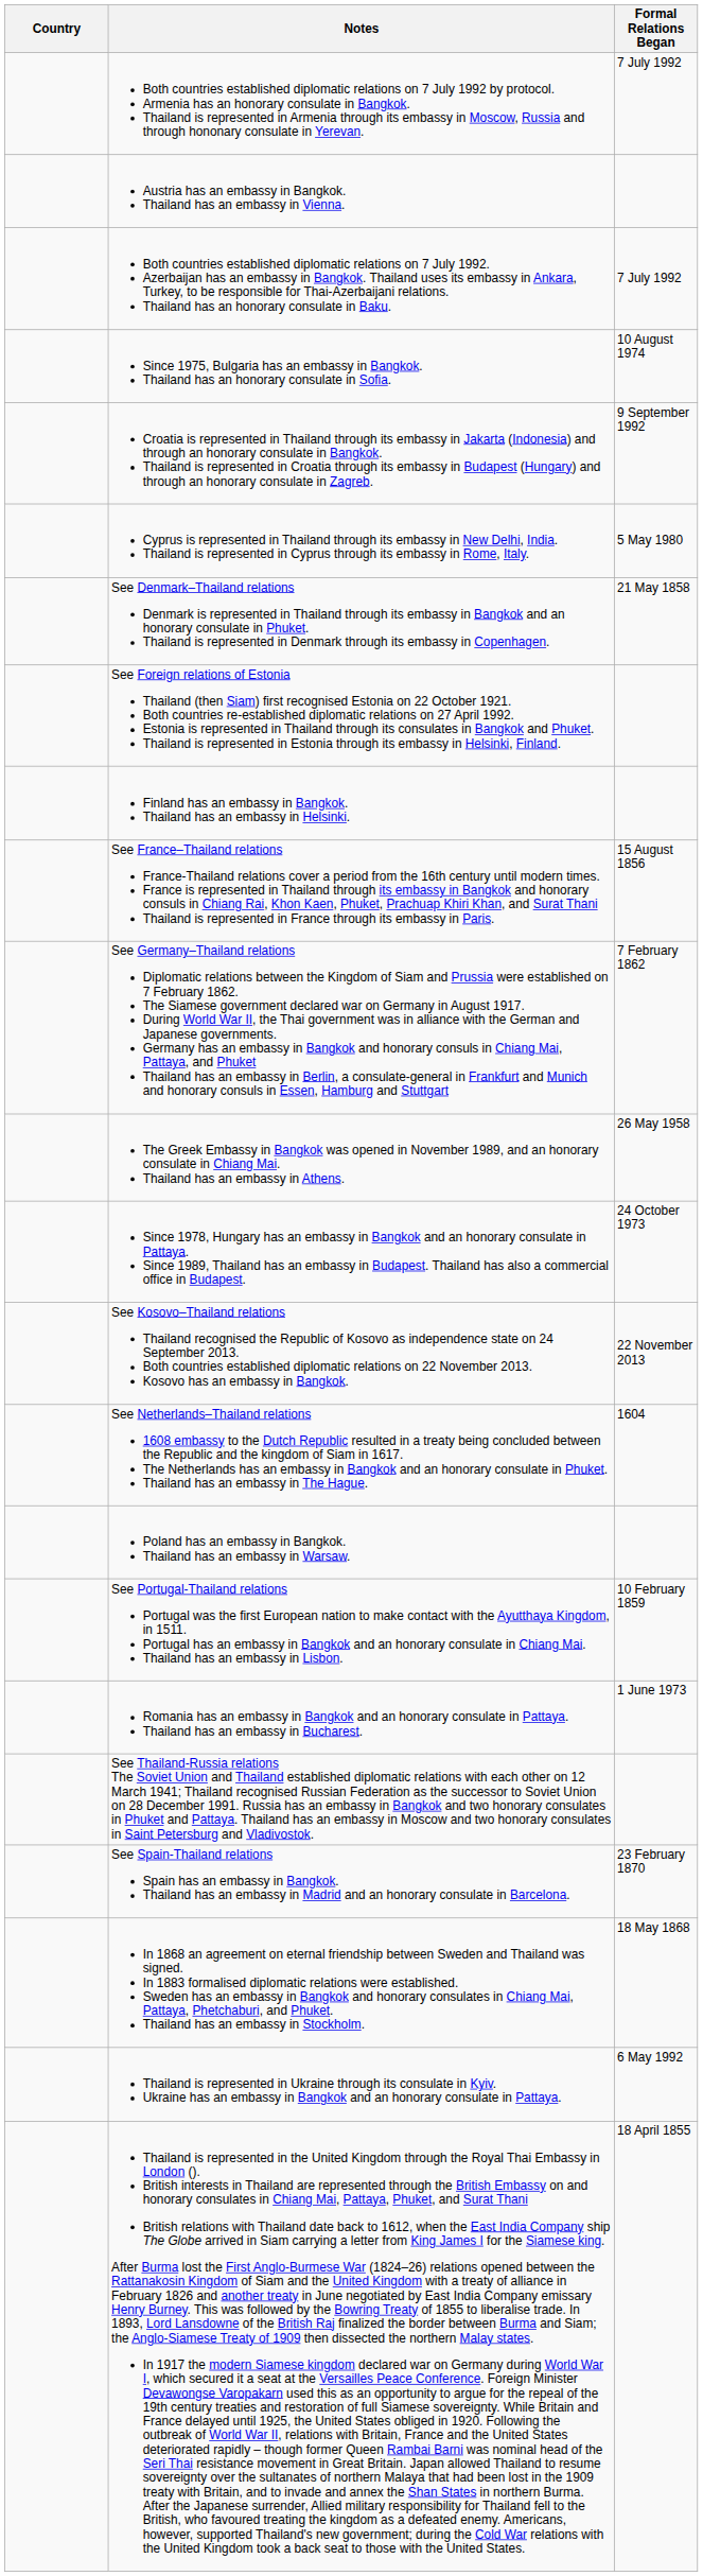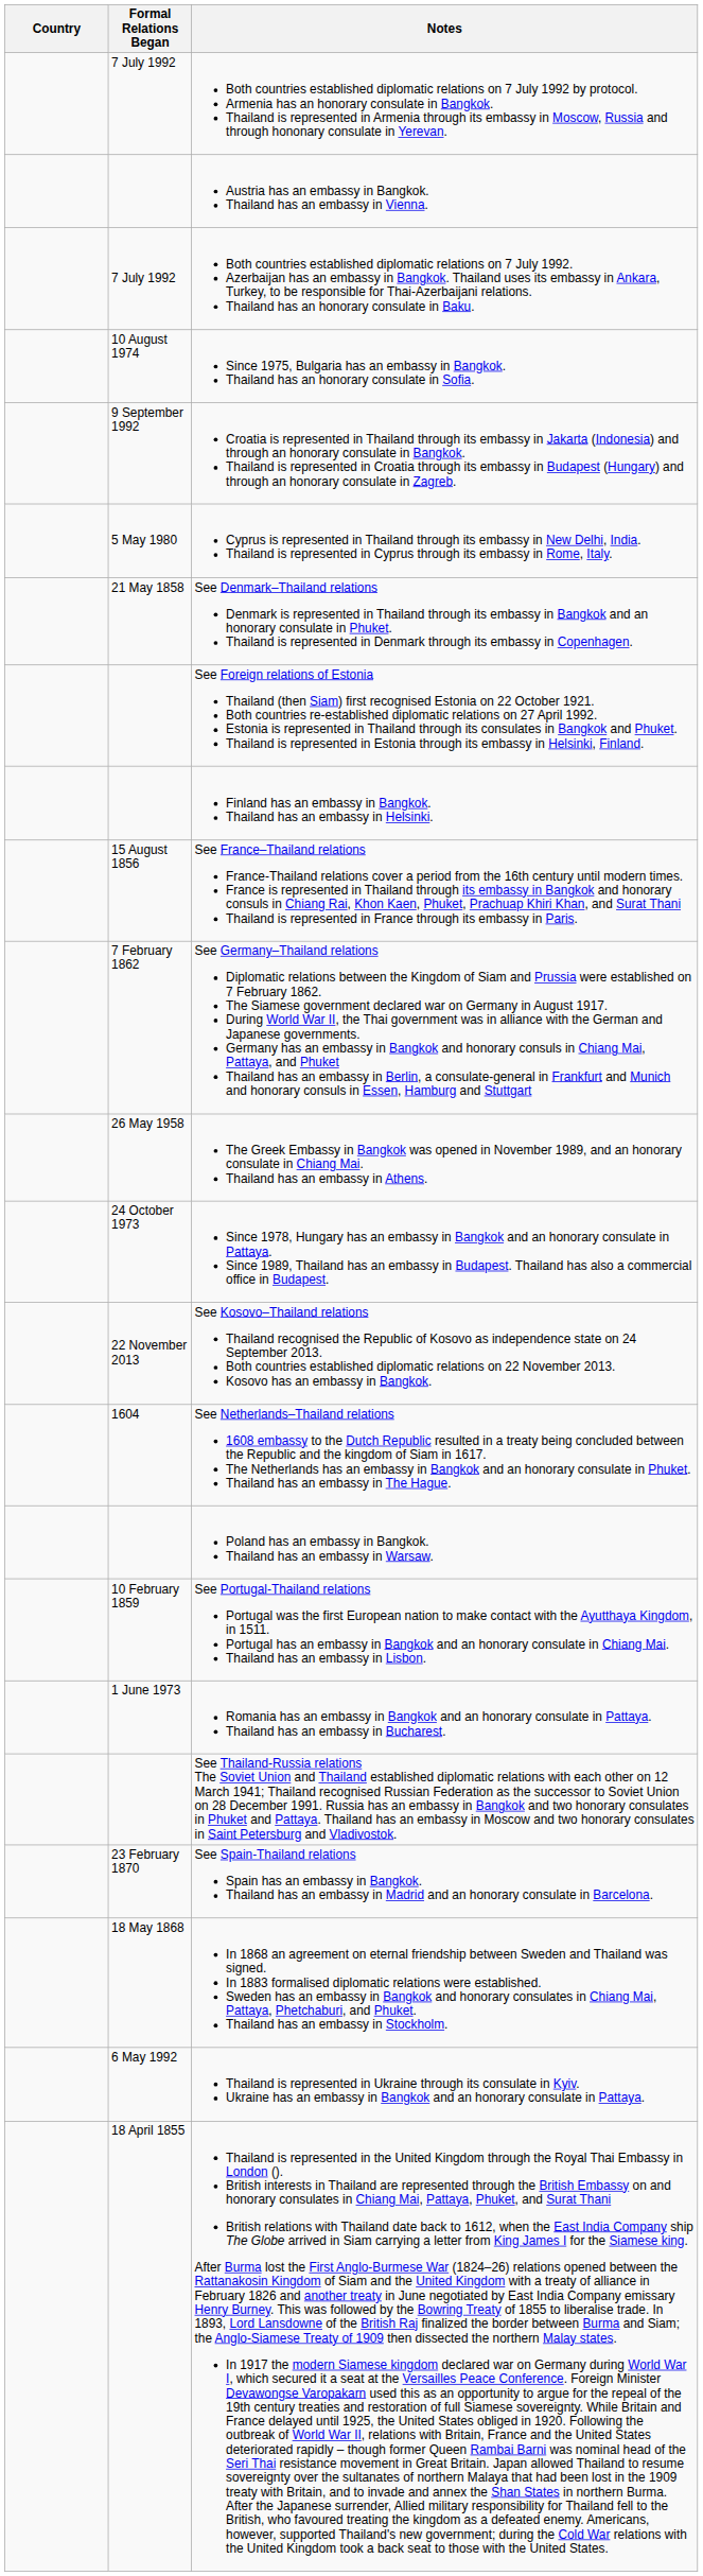 <table class="wikitable sortable" style="width:100%; margin:auto;">
 <tr>
 <th style="width:15%;">Country</th>
+<th style="width:12%;">Formal Relations Began</th>
 <th>Notes</th>
-<th style="width:12%;">Formal Relations Began</th>
 </tr>
 <tr valign="top">
 <td></td>
+<td>7 July 1992</td>
 <td><br><ul><li>Both countries established diplomatic relations on 7 July 1992 by protocol.</li><li>Armenia has an honorary consulate in <a href='#'>Bangkok</a>.</li><li>Thailand is represented in Armenia through its embassy in <a href='#'>Moscow</a>, <a href='#'>Russia</a> and through hononary consulate in <a href='#'>Yerevan</a>.</li></ul></td>
-<td>7 July 1992</td>
 </tr>
 <tr valign="top">
 <td></td>
+<td></td>
 <td><br><ul><li>Austria has an embassy in Bangkok.</li><li>Thailand has an embassy in <a href='#'>Vienna</a>.</li></ul></td>
-<td></td>
 </tr>
 <tr>
 <td></td>
+<td>7 July 1992</td>
 <td><br><ul><li>Both countries established diplomatic relations on 7 July 1992.</li><li>Azerbaijan has an embassy in <a href='#'>Bangkok</a>. Thailand uses its embassy in <a href='#'>Ankara</a>, Turkey, to be responsible for Thai-Azerbaijani relations.</li><li>Thailand has an honorary consulate in <a href='#'>Baku</a>.</li></ul></td>
-<td>7 July 1992</td>
 </tr>
 <tr valign="top">
 <td></td>
+<td>10 August 1974</td>
 <td><br><ul><li>Since 1975, Bulgaria has an embassy in <a href='#'>Bangkok</a>.</li><li>Thailand has an honorary consulate in <a href='#'>Sofia</a>.</li></ul></td>
-<td>10 August 1974</td>
 </tr>
 <tr valign="top">
 <td></td>
+<td>9 September 1992</td>
 <td><br><ul><li>Croatia is represented in Thailand through its embassy in <a href='#'>Jakarta</a> (<a href='#'>Indonesia</a>) and through an honorary consulate in <a href='#'>Bangkok</a>.</li><li>Thailand is represented in Croatia through its embassy in <a href='#'>Budapest</a> (<a href='#'>Hungary</a>) and through an honorary consulate in <a href='#'>Zagreb</a>.</li></ul></td>
-<td>9 September 1992</td>
 </tr>
 <tr -valign="top">
 <td></td>
+<td>5 May 1980</td>
 <td><br><ul><li>Cyprus is represented in Thailand through its embassy in <a href='#'>New Delhi</a>, <a href='#'>India</a>.</li><li>Thailand is represented in Cyprus through its embassy in <a href='#'>Rome</a>, <a href='#'>Italy</a>.</li></ul></td>
-<td>5 May 1980</td>
 </tr>
 <tr valign="top">
 <td></td>
+<td>21 May 1858</td>
 <td>See <a href='#'>Denmark–Thailand relations</a><br><ul><li>Denmark is represented in Thailand through its embassy in <a href='#'>Bangkok</a> and an honorary consulate in <a href='#'>Phuket</a>.</li><li>Thailand is represented in Denmark through its embassy in <a href='#'>Copenhagen</a>.</li></ul></td>
-<td>21 May 1858</td>
 </tr>
 <tr -valign="top">
 <td></td>
+<td></td>
 <td>See <a href='#'>Foreign relations of Estonia</a><br><ul><li>Thailand (then <a href='#'>Siam</a>) first recognised Estonia on 22 October 1921.</li><li>Both countries re-established diplomatic relations on 27 April 1992.</li><li>Estonia is represented in Thailand through its consulates in <a href='#'>Bangkok</a> and <a href='#'>Phuket</a>.</li><li>Thailand is represented in Estonia through its embassy in <a href='#'>Helsinki</a>, <a href='#'>Finland</a>.</li></ul></td>
-<td></td>
 </tr>
 <tr valign="top">
 <td></td>
+<td></td>
 <td><br><ul><li>Finland has an embassy in <a href='#'>Bangkok</a>.</li><li>Thailand has an embassy in <a href='#'>Helsinki</a>.</li></ul></td>
-<td></td>
 </tr>
 <tr valign="top">
 <td></td>
+<td>15 August 1856</td>
 <td>See <a href='#'>France–Thailand relations</a><br><ul><li>France-Thailand relations cover a period from the 16th century until modern times.</li><li>France is represented in Thailand through <a href='#'>its embassy in Bangkok</a> and honorary consuls in <a href='#'>Chiang Rai</a>, <a href='#'>Khon Kaen</a>, <a href='#'>Phuket</a>, <a href='#'>Prachuap Khiri Khan</a>, and <a href='#'>Surat Thani</a></li><li>Thailand is represented in France through its embassy in <a href='#'>Paris</a>.</li></ul></td>
-<td>15 August 1856</td>
 </tr>
 <tr valign="top">
 <td></td>
+<td>7 February 1862</td>
 <td>See <a href='#'>Germany–Thailand relations</a><br><ul><li>Diplomatic relations between the Kingdom of Siam and <a href='#'>Prussia</a> were established on 7 February 1862.</li><li>The Siamese government declared war on Germany in August 1917.</li><li>During <a href='#'>World War II</a>, the Thai government was in alliance with the German and Japanese governments.</li><li>Germany has an embassy in <a href='#'>Bangkok</a> and honorary consuls in <a href='#'>Chiang Mai</a>, <a href='#'>Pattaya</a>, and <a href='#'>Phuket</a></li><li>Thailand has an embassy in <a href='#'>Berlin</a>, a consulate-general in <a href='#'>Frankfurt</a> and <a href='#'>Munich</a> and honorary consuls in <a href='#'>Essen</a>, <a href='#'>Hamburg</a> and <a href='#'>Stuttgart</a></li></ul></td>
-<td>7 February 1862</td>
 </tr>
 <tr valign="top">
 <td></td>
+<td>26 May 1958</td>
 <td><br><ul><li>The Greek Embassy in <a href='#'>Bangkok</a> was opened in November 1989, and an honorary consulate in <a href='#'>Chiang Mai</a>.</li><li>Thailand has an embassy in <a href='#'>Athens</a>.</li></ul></td>
-<td>26 May 1958</td>
 </tr>
 <tr valign="top">
 <td></td>
+<td>24 October 1973</td>
 <td><br><ul><li>Since 1978, Hungary has an embassy in <a href='#'>Bangkok</a> and an honorary consulate in <a href='#'>Pattaya</a>.</li><li>Since 1989, Thailand has an embassy in <a href='#'>Budapest</a>. Thailand has also a commercial office in <a href='#'>Budapest</a>.</li></ul></td>
-<td>24 October 1973</td>
 </tr>
 <tr>
 <td></td>
+<td>22 November 2013</td>
 <td>See <a href='#'>Kosovo–Thailand relations</a><br><ul><li>Thailand recognised the Republic of Kosovo as independence state on 24 September 2013.</li><li>Both countries established diplomatic relations on 22 November 2013.</li><li>Kosovo has an embassy in <a href='#'>Bangkok</a>.</li></ul></td>
-<td>22 November 2013</td>
 </tr>
 <tr valign="top">
 <td></td>
+<td>1604</td>
 <td>See <a href='#'>Netherlands–Thailand relations</a><br><ul><li><a href='#'>1608 embassy</a> to the <a href='#'>Dutch Republic</a> resulted in a treaty being concluded between the Republic and the kingdom of Siam in 1617.</li><li>The Netherlands has an embassy in <a href='#'>Bangkok</a> and an honorary consulate in <a href='#'>Phuket</a>.</li><li>Thailand has an embassy in <a href='#'>The Hague</a>.</li></ul></td>
-<td>1604</td>
 </tr>
 <tr valign="top">
 <td></td>
+<td></td>
 <td><br><ul><li>Poland has an embassy in Bangkok.</li><li>Thailand has an embassy in <a href='#'>Warsaw</a>.</li></ul></td>
-<td></td>
 </tr>
 <tr valign="top">
 <td></td>
+<td>10 February 1859</td>
 <td>See <a href='#'>Portugal-Thailand relations</a><br><ul><li>Portugal was the first European nation to make contact with the <a href='#'>Ayutthaya Kingdom</a>, in 1511.</li><li>Portugal has an embassy in <a href='#'>Bangkok</a> and an honorary consulate in <a href='#'>Chiang Mai</a>.</li><li>Thailand has an embassy in <a href='#'>Lisbon</a>.</li></ul></td>
-<td>10 February 1859</td>
 </tr>
 <tr valign="top">
 <td></td>
+<td>1 June 1973</td>
 <td><br><ul><li>Romania has an embassy in <a href='#'>Bangkok</a> and an honorary consulate in <a href='#'>Pattaya</a>.</li><li>Thailand has an embassy in <a href='#'>Bucharest</a>.</li></ul></td>
-<td>1 June 1973</td>
 </tr>
 <tr valign="top">
 <td></td>
+<td></td>
 <td>See <a href='#'>Thailand-Russia relations</a><br> The <a href='#'>Soviet Union</a> and <a href='#'>Thailand</a> established diplomatic relations with each other on 12 March 1941; Thailand recognised Russian Federation as the successor to Soviet Union on 28 December 1991.  Russia has an embassy in <a href='#'>Bangkok</a> and two honorary consulates in <a href='#'>Phuket</a> and <a href='#'>Pattaya</a>. Thailand has an embassy in Moscow and two honorary consulates in <a href='#'>Saint Petersburg</a> and <a href='#'>Vladivostok</a>.</td>
-<td></td>
 </tr>
 <tr valign="top">
 <td></td>
+<td>23 February 1870</td>
 <td>See <a href='#'>Spain-Thailand relations</a><br><ul><li>Spain has an embassy in <a href='#'>Bangkok</a>.</li><li>Thailand has an embassy in <a href='#'>Madrid</a> and an honorary consulate in <a href='#'>Barcelona</a>.</li></ul></td>
-<td>23 February 1870</td>
 </tr>
 <tr valign="top">
 <td></td>
+<td>18 May 1868</td>
 <td><br><ul><li>In 1868 an agreement on eternal friendship between Sweden and Thailand was signed.</li><li>In 1883 formalised diplomatic relations were established.</li><li>Sweden has an embassy in <a href='#'>Bangkok</a> and honorary consulates in <a href='#'>Chiang Mai</a>, <a href='#'>Pattaya</a>, <a href='#'>Phetchaburi</a>, and <a href='#'>Phuket</a>.</li><li>Thailand has an embassy in <a href='#'>Stockholm</a>.</li></ul></td>
-<td>18 May 1868</td>
 </tr>
 <tr valign="top">
 <td></td>
+<td>6 May 1992</td>
 <td><br><ul><li>Thailand is represented in Ukraine through its consulate in <a href='#'>Kyiv</a>.</li><li>Ukraine has an embassy in <a href='#'>Bangkok</a> and an honorary consulate in <a href='#'>Pattaya</a>.</li></ul></td>
-<td>6 May 1992</td>
 </tr>
 <tr valign="top">
 <td></td>
+<td>18 April 1855</td>
 <td><br><ul><li>Thailand is represented in the United Kingdom through the Royal Thai Embassy in <a href='#'>London</a> ().</li><li>British interests in Thailand are represented through the <a href='#'>British Embassy</a> on  and honorary consulates in <a href='#'>Chiang Mai</a>, <a href='#'>Pattaya</a>, <a href='#'>Phuket</a>, and <a href='#'>Surat Thani</a></li></ul><ul><li>British relations with Thailand date back to 1612, when the <a href='#'>East India Company</a> ship <em>The Globe</em> arrived in Siam carrying a letter from <a href='#'>King James I</a> for the <a href='#'>Siamese king</a>.</li></ul>After <a href='#'>Burma</a> lost the <a href='#'>First Anglo-Burmese War</a> (1824–26) relations opened between the <a href='#'>Rattanakosin Kingdom</a> of Siam and the <a href='#'>United Kingdom</a> with a treaty of alliance in February 1826 and <a href='#'>another treaty</a> in June negotiated by East India Company emissary <a href='#'>Henry Burney</a>. This was followed by the <a href='#'>Bowring Treaty</a> of 1855 to liberalise trade. In 1893, <a href='#'>Lord Lansdowne</a> of the <a href='#'>British Raj</a> finalized the border between <a href='#'>Burma</a> and Siam; the <a href='#'>Anglo-Siamese Treaty of 1909</a> then dissected the northern <a href='#'>Malay states</a>.<ul><li>In 1917 the <a href='#'>modern Siamese kingdom</a> declared war on Germany during <a href='#'>World War I</a>, which secured it a seat at the <a href='#'>Versailles Peace Conference</a>. Foreign Minister <a href='#'>Devawongse Varopakarn</a> used this as an opportunity to argue for the repeal of the 19th century treaties and restoration of full Siamese sovereignty. While Britain and France delayed until 1925, the United States obliged in 1920.  Following the outbreak of <a href='#'>World War II</a>, relations with Britain, France and the United States deteriorated rapidly – though former Queen <a href='#'>Rambai Barni</a> was nominal head of the <a href='#'>Seri Thai</a> resistance movement in Great Britain. Japan allowed Thailand to resume sovereignty over the sultanates of northern Malaya that had been lost in the 1909 treaty with Britain, and to invade and annex the <a href='#'>Shan States</a> in northern Burma. After the Japanese surrender, Allied military responsibility for Thailand fell to the British, who favoured treating the kingdom as a defeated enemy. Americans, however, supported Thailand's new government; during the <a href='#'>Cold War</a> relations with the United Kingdom took a back seat to those with the United States.</li></ul></td>
-<td>18 April 1855</td>
 </tr>
 </table>
